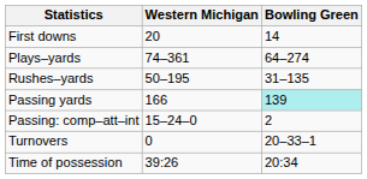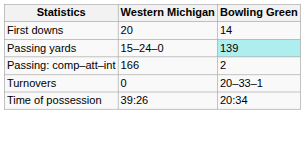 <table class="wikitable" style="float:left">
 <tr>
 <th>Statistics</th>
 <th>Western Michigan</th>
 <th>Bowling Green</th>
 </tr>
 <tr>
 <td>First downs</td>
 <td>20</td>
 <td>14</td>
 </tr>
 <tr>
-<td>Plays–yards</td>
-<td>74–361</td>
-<td>64–274</td>
-</tr>
-<tr>
-<td>Rushes–yards</td>
-<td>50–195</td>
-<td>31–135</td>
-</tr>
-<tr>
 <td>Passing yards</td>
-<td>166</td>
+<td>15–24–0</td>
 <td style="background: paleturquoise;">139</td>
 </tr>
 <tr>
 <td>Passing: comp–att–int</td>
-<td>15–24–0</td>
+<td>166</td>
 <td>2</td>
 </tr>
 <tr>
 <td>Turnovers</td>
 <td>0</td>
 <td>20–33–1</td>
 </tr>
 <tr>
 <td>Time of possession</td>
 <td>39:26</td>
 <td>20:34</td>
 </tr>
 </table>
